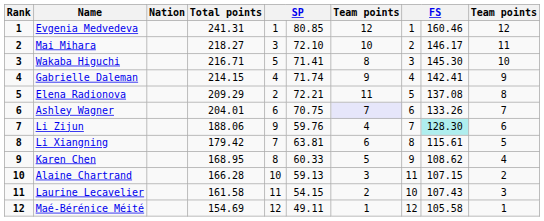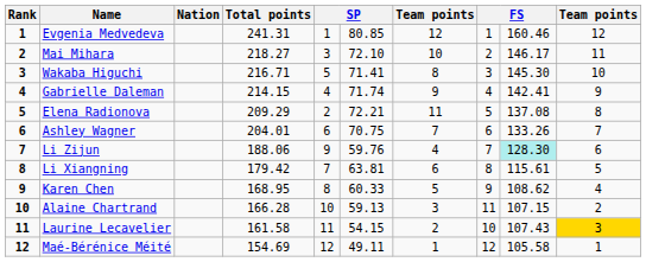 <table class="wikitable sortable">
 <tr>
 <th>Rank</th>
 <th>Name</th>
 <th>Nation</th>
 <th>Total points</th>
 <th colspan="2" width="80px"><a href='#'>SP</a></th>
 <th>Team points</th>
 <th colspan="2" width="80px"><a href='#'>FS</a></th>
 <th>Team points</th>
 </tr>
 <tr>
 <td style="text-align: center;"><strong>1</strong></td>
 <td><a href='#'>Evgenia Medvedeva</a></td>
 <td></td>
 <td style="text-align: center;">241.31</td>
 <td style="text-align: center;">1</td>
 <td style="text-align: center;">80.85</td>
 <td style="text-align: center;">12</td>
 <td style="text-align: center;">1</td>
 <td style="text-align: center;">160.46</td>
 <td style="text-align: center;">12</td>
 </tr>
 <tr>
 <td style="text-align: center;"><strong>2</strong></td>
 <td><a href='#'>Mai Mihara</a></td>
 <td></td>
 <td style="text-align: center;">218.27</td>
 <td style="text-align: center;">3</td>
 <td style="text-align: center;">72.10</td>
 <td style="text-align: center;">10</td>
 <td style="text-align: center;">2</td>
 <td style="text-align: center;">146.17</td>
 <td style="text-align: center;">11</td>
 </tr>
 <tr>
 <td style="text-align: center;"><strong>3</strong></td>
 <td><a href='#'>Wakaba Higuchi</a></td>
 <td></td>
 <td style="text-align: center;">216.71</td>
 <td style="text-align: center;">5</td>
 <td style="text-align: center;">71.41</td>
 <td style="text-align: center;">8</td>
 <td style="text-align: center;">3</td>
 <td style="text-align: center;">145.30</td>
 <td style="text-align: center;">10</td>
 </tr>
 <tr>
 <td style="text-align: center;"><strong>4</strong></td>
 <td><a href='#'>Gabrielle Daleman</a></td>
 <td></td>
 <td style="text-align: center;">214.15</td>
 <td style="text-align: center;">4</td>
 <td style="text-align: center;">71.74</td>
 <td style="text-align: center;">9</td>
 <td style="text-align: center;">4</td>
 <td style="text-align: center;">142.41</td>
 <td style="text-align: center;">9</td>
 </tr>
 <tr>
 <td style="text-align: center;"><strong>5</strong></td>
 <td><a href='#'>Elena Radionova</a></td>
 <td></td>
 <td style="text-align: center;">209.29</td>
 <td style="text-align: center;">2</td>
 <td style="text-align: center;">72.21</td>
 <td style="text-align: center;">11</td>
 <td style="text-align: center;">5</td>
 <td style="text-align: center;">137.08</td>
 <td style="text-align: center;">8</td>
 </tr>
 <tr>
 <td style="text-align: center;"><strong>6</strong></td>
 <td><a href='#'>Ashley Wagner</a></td>
 <td></td>
 <td style="text-align: center;">204.01</td>
 <td style="text-align: center;">6</td>
 <td style="text-align: center;">70.75</td>
-<td style="background: lavender; text-align: center;">7</td>
+<td style="text-align: center;">7</td>
 <td style="text-align: center;">6</td>
 <td style="text-align: center;">133.26</td>
 <td style="text-align: center;">7</td>
 </tr>
 <tr>
 <td style="text-align: center;"><strong>7</strong></td>
 <td><a href='#'>Li Zijun</a></td>
 <td></td>
 <td style="text-align: center;">188.06</td>
 <td style="text-align: center;">9</td>
 <td style="text-align: center;">59.76</td>
 <td style="text-align: center;">4</td>
 <td style="text-align: center;">7</td>
 <td style="background: paleturquoise; text-align: center;">128.30</td>
 <td style="text-align: center;">6</td>
 </tr>
 <tr>
 <td style="text-align: center;"><strong>8</strong></td>
 <td><a href='#'>Li Xiangning</a></td>
 <td></td>
 <td style="text-align: center;">179.42</td>
 <td style="text-align: center;">7</td>
 <td style="text-align: center;">63.81</td>
 <td style="text-align: center;">6</td>
 <td style="text-align: center;">8</td>
 <td style="text-align: center;">115.61</td>
 <td style="text-align: center;">5</td>
 </tr>
 <tr>
 <td style="text-align: center;"><strong>9</strong></td>
 <td><a href='#'>Karen Chen</a></td>
 <td></td>
 <td style="text-align: center;">168.95</td>
 <td style="text-align: center;">8</td>
 <td style="text-align: center;">60.33</td>
 <td style="text-align: center;">5</td>
 <td style="text-align: center;">9</td>
 <td style="text-align: center;">108.62</td>
 <td style="text-align: center;">4</td>
 </tr>
 <tr>
 <td style="text-align: center;"><strong>10</strong></td>
 <td><a href='#'>Alaine Chartrand</a></td>
 <td></td>
 <td style="text-align: center;">166.28</td>
 <td style="text-align: center;">10</td>
 <td style="text-align: center;">59.13</td>
 <td style="text-align: center;">3</td>
 <td style="text-align: center;">11</td>
 <td style="text-align: center;">107.15</td>
 <td style="text-align: center;">2</td>
 </tr>
 <tr>
 <td style="text-align: center;"><strong>11</strong></td>
 <td><a href='#'>Laurine Lecavelier</a></td>
 <td></td>
 <td style="text-align: center;">161.58</td>
 <td style="text-align: center;">11</td>
 <td style="text-align: center;">54.15</td>
 <td style="text-align: center;">2</td>
 <td style="text-align: center;">10</td>
 <td style="text-align: center;">107.43</td>
-<td style="text-align: center;">3</td>
+<td style="background: gold; text-align: center;">3</td>
 </tr>
 <tr>
 <td style="text-align: center;"><strong>12</strong></td>
 <td><a href='#'>Maé-Bérénice Méité</a></td>
 <td></td>
 <td style="text-align: center;">154.69</td>
 <td style="text-align: center;">12</td>
 <td style="text-align: center;">49.11</td>
 <td style="text-align: center;">1</td>
 <td style="text-align: center;">12</td>
 <td style="text-align: center;">105.58</td>
 <td style="text-align: center;">1</td>
 </tr>
 </table>
